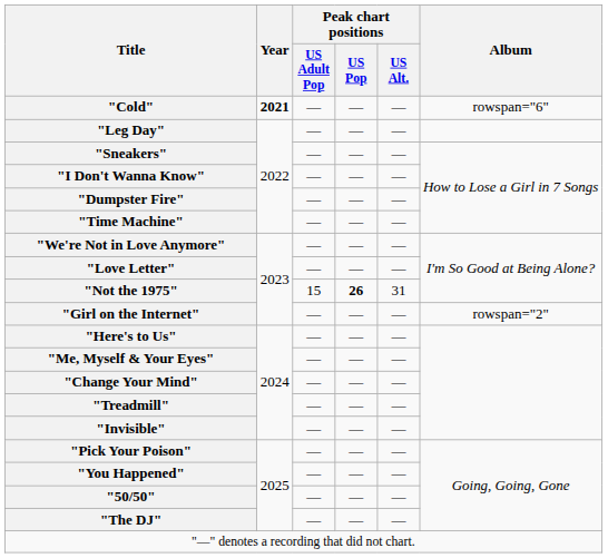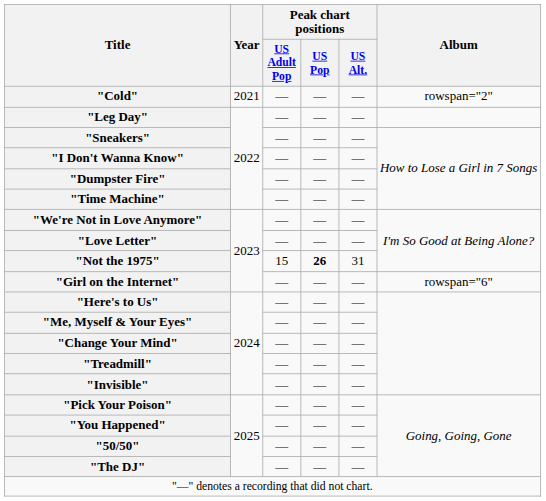 <table class="wikitable plainrowheaders" style="text-align:center;">
 <tr>
 <th scope="col" rowspan="2" style="width:17em;">Title</th>
 <th scope="col" rowspan="2">Year</th>
 <th scope="col" colspan="3">Peak chart positions</th>
 <th scope="col" rowspan="2">Album</th>
 </tr>
 <tr>
 <th scope="col" style="width:2.8em;font-size:90%;"><a href='#'>US<br>Adult<br>Pop</a><br></th>
 <th scope="col" style="width:2.8em;font-size:90%;"><a href='#'>US<br>Pop</a><br></th>
 <th scope="col" style="width:2.8em;font-size:90%;"><a href='#'>US<br>Alt.</a><br></th>
 </tr>
 <tr>
 <th scope="row">"Cold"<br></th>
-<td><strong>2021</strong></td>
+<td>2021</td>
 <td>—</td>
 <td>—</td>
 <td>—</td>
-<td>rowspan="6" </td>
+<td>rowspan="2" </td>
 </tr>
 <tr>
 <th scope="row">"Leg Day"<br></th>
 <td rowspan="5" scope="row">2022</td>
 <td>—</td>
 <td>—</td>
 <td>—</td>
 </tr>
 <tr>
 <th scope="row">"Sneakers"</th>
 <td>—</td>
 <td>—</td>
 <td>—</td>
 <td rowspan="4"><em>How to Lose a Girl in 7 Songs</em></td>
 </tr>
 <tr>
 <th scope="row">"I Don't Wanna Know"</th>
 <td>—</td>
 <td>—</td>
 <td>—</td>
 </tr>
 <tr>
 <th scope="row">"Dumpster Fire"</th>
 <td>—</td>
 <td>—</td>
 <td>—</td>
 </tr>
 <tr>
 <th scope="row">"Time Machine"</th>
 <td>—</td>
 <td>—</td>
 <td>—</td>
 </tr>
 <tr>
 <th scope="row">"We're Not in Love Anymore"<br></th>
 <td rowspan="4">2023</td>
 <td>—</td>
 <td>—</td>
 <td>—</td>
 <td rowspan="3"><em>I'm So Good at Being Alone?</em></td>
 </tr>
 <tr>
 <th scope="row">"Love Letter"</th>
 <td>—</td>
 <td>—</td>
 <td>—</td>
 </tr>
 <tr>
 <th scope="row">"Not the 1975"</th>
 <td>15</td>
 <td><strong>26</strong></td>
 <td>31</td>
 </tr>
 <tr>
 <th scope="row">"Girl on the Internet"</th>
 <td>—</td>
 <td>—</td>
 <td>—</td>
-<td>rowspan="2" </td>
+<td>rowspan="6" </td>
 </tr>
 <tr>
 <th scope="row">"Here's to Us"</th>
 <td rowspan="5">2024</td>
 <td>—</td>
 <td>—</td>
 <td>—</td>
 </tr>
 <tr>
 <th scope="row">"Me, Myself & Your Eyes"</th>
 <td>—</td>
 <td>—</td>
 <td>—</td>
 </tr>
 <tr>
 <th scope="row">"Change Your Mind"</th>
 <td>—</td>
 <td>—</td>
 <td>—</td>
 </tr>
 <tr>
 <th scope="row">"Treadmill"</th>
 <td>—</td>
 <td>—</td>
 <td>—</td>
 </tr>
 <tr>
 <th scope="row">"Invisible"<br></th>
 <td>—</td>
 <td>—</td>
 <td>—</td>
 </tr>
 <tr>
 <th scope="row">"Pick Your Poison"</th>
 <td rowspan="4">2025</td>
 <td>—</td>
 <td>—</td>
 <td>—</td>
 <td rowspan="4"><em>Going, Going, Gone</em></td>
 </tr>
 <tr>
 <th scope="row">"You Happened"</th>
 <td>—</td>
 <td>—</td>
 <td>—</td>
 </tr>
 <tr>
 <th scope="row">"50/50"</th>
 <td>—</td>
 <td>—</td>
 <td>—</td>
 </tr>
 <tr>
 <th scope="row">"The DJ"</th>
 <td>—</td>
 <td>—</td>
 <td>—</td>
 </tr>
 <tr>
 <td colspan="7" style="font-size:90%">"—" denotes a recording that did not chart.</td>
 </tr>
 </table>
